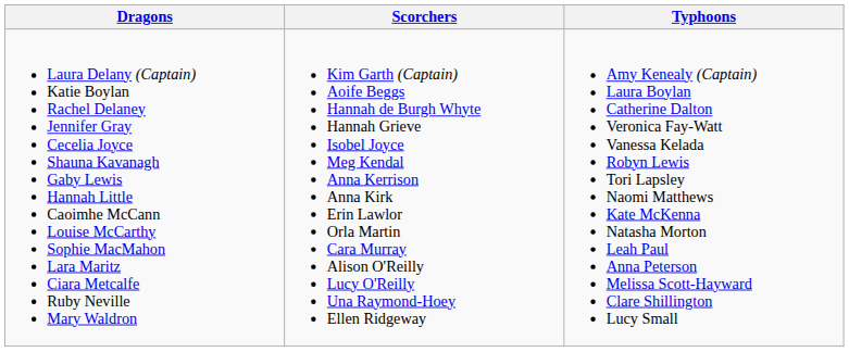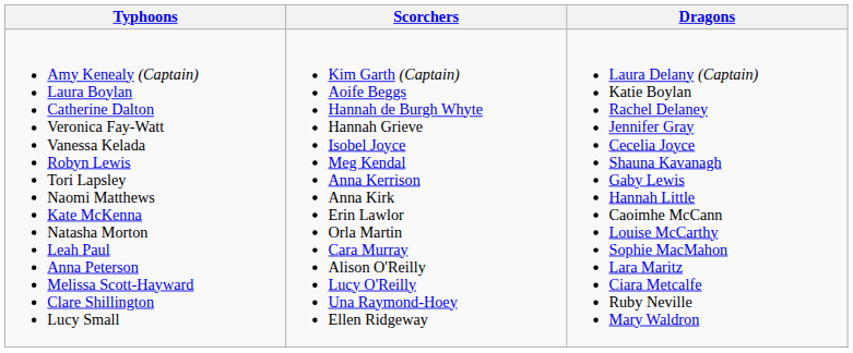 <table class="wikitable">
 <tr>
+<th width=300><a href='#'>Typhoons</a></th>
+<th width=300><a href='#'>Scorchers</a></th>
 <th width=300><a href='#'>Dragons</a></th>
-<th width=300><a href='#'>Scorchers</a></th>
-<th width=300><a href='#'>Typhoons</a></th>
 </tr>
 <tr>
+<td valign=top><br><ul><li><a href='#'>Amy Kenealy</a> <em>(Captain)</em></li><li><a href='#'>Laura Boylan</a></li><li><a href='#'>Catherine Dalton</a></li><li>Veronica Fay-Watt</li><li>Vanessa Kelada</li><li><a href='#'>Robyn Lewis</a></li><li>Tori Lapsley</li><li>Naomi Matthews</li><li><a href='#'>Kate McKenna</a></li><li>Natasha Morton</li><li><a href='#'>Leah Paul</a></li><li><a href='#'>Anna Peterson</a></li><li><a href='#'>Melissa Scott-Hayward</a></li><li><a href='#'>Clare Shillington</a></li><li>Lucy Small</li></ul></td>
+<td valign=top><br><ul><li><a href='#'>Kim Garth</a> <em>(Captain)</em></li><li><a href='#'>Aoife Beggs</a></li><li><a href='#'>Hannah de Burgh Whyte</a></li><li>Hannah Grieve</li><li><a href='#'>Isobel Joyce</a></li><li><a href='#'>Meg Kendal</a></li><li><a href='#'>Anna Kerrison</a></li><li>Anna Kirk</li><li>Erin Lawlor</li><li>Orla Martin</li><li><a href='#'>Cara Murray</a></li><li>Alison O'Reilly</li><li><a href='#'>Lucy O'Reilly</a></li><li><a href='#'>Una Raymond-Hoey</a></li><li>Ellen Ridgeway</li></ul></td>
 <td valign=top><br><ul><li><a href='#'>Laura Delany</a> <em>(Captain)</em></li><li>Katie Boylan</li><li><a href='#'>Rachel Delaney</a></li><li><a href='#'>Jennifer Gray</a></li><li><a href='#'>Cecelia Joyce</a></li><li><a href='#'>Shauna Kavanagh</a></li><li><a href='#'>Gaby Lewis</a></li><li><a href='#'>Hannah Little</a></li><li>Caoimhe McCann</li><li><a href='#'>Louise McCarthy</a></li><li><a href='#'>Sophie MacMahon</a></li><li><a href='#'>Lara Maritz</a></li><li><a href='#'>Ciara Metcalfe</a></li><li>Ruby Neville</li><li><a href='#'>Mary Waldron</a></li></ul></td>
-<td valign=top><br><ul><li><a href='#'>Kim Garth</a> <em>(Captain)</em></li><li><a href='#'>Aoife Beggs</a></li><li><a href='#'>Hannah de Burgh Whyte</a></li><li>Hannah Grieve</li><li><a href='#'>Isobel Joyce</a></li><li><a href='#'>Meg Kendal</a></li><li><a href='#'>Anna Kerrison</a></li><li>Anna Kirk</li><li>Erin Lawlor</li><li>Orla Martin</li><li><a href='#'>Cara Murray</a></li><li>Alison O'Reilly</li><li><a href='#'>Lucy O'Reilly</a></li><li><a href='#'>Una Raymond-Hoey</a></li><li>Ellen Ridgeway</li></ul></td>
-<td valign=top><br><ul><li><a href='#'>Amy Kenealy</a> <em>(Captain)</em></li><li><a href='#'>Laura Boylan</a></li><li><a href='#'>Catherine Dalton</a></li><li>Veronica Fay-Watt</li><li>Vanessa Kelada</li><li><a href='#'>Robyn Lewis</a></li><li>Tori Lapsley</li><li>Naomi Matthews</li><li><a href='#'>Kate McKenna</a></li><li>Natasha Morton</li><li><a href='#'>Leah Paul</a></li><li><a href='#'>Anna Peterson</a></li><li><a href='#'>Melissa Scott-Hayward</a></li><li><a href='#'>Clare Shillington</a></li><li>Lucy Small</li></ul></td>
 </tr>
 </table>
